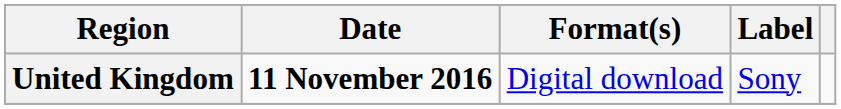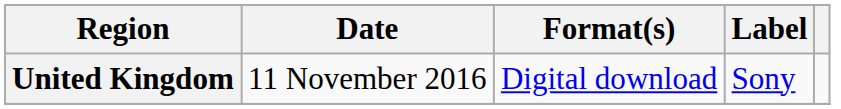 <table class="wikitable plainrowheaders">
 <tr>
 <th scope="col">Region</th>
 <th scope="col">Date</th>
 <th scope="col">Format(s)</th>
 <th scope="col">Label</th>
 <th scope="col"></th>
 </tr>
 <tr>
 <th scope="row">United Kingdom</th>
-<td><strong>11 November 2016</strong></td>
+<td>11 November 2016</td>
 <td><a href='#'>Digital download</a></td>
 <td><a href='#'>Sony</a></td>
 <td style="text-align:center;"></td>
 </tr>
 <tr>
 </tr>
 </table>
